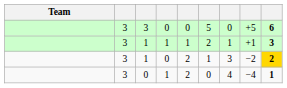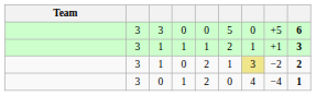 <table class="wikitable" style="text-align: center; font-size:90% ">
 <tr>
 <th width=160>Team</th>
 <th width=25></th>
 <th width=25></th>
 <th width=25></th>
 <th width=25></th>
 <th width=25></th>
 <th width=25></th>
 <th width=25></th>
 <th width=25></th>
 </tr>
 <tr bgcolor="ccffcc">
 <td align=left></td>
 <td>3</td>
 <td>3</td>
 <td>0</td>
 <td>0</td>
 <td>5</td>
 <td>0</td>
 <td>+5</td>
 <td><strong>6</strong></td>
 </tr>
 <tr bgcolor="ccffcc">
 <td align=left></td>
 <td>3</td>
 <td>1</td>
 <td>1</td>
 <td>1</td>
 <td>2</td>
 <td>1</td>
 <td>+1</td>
 <td><strong>3</strong></td>
 </tr>
 <tr>
 <td align=left></td>
 <td>3</td>
 <td>1</td>
 <td>0</td>
 <td>2</td>
 <td>1</td>
-<td>3</td>
+<td style="background: khaki;">3</td>
 <td>−2</td>
-<td style="background: gold;"><strong>2</strong></td>
+<td><strong>2</strong></td>
 </tr>
 <tr>
 <td align=left></td>
 <td>3</td>
 <td>0</td>
 <td>1</td>
 <td>2</td>
 <td>0</td>
 <td>4</td>
 <td>−4</td>
 <td><strong>1</strong></td>
 </tr>
 </table>
